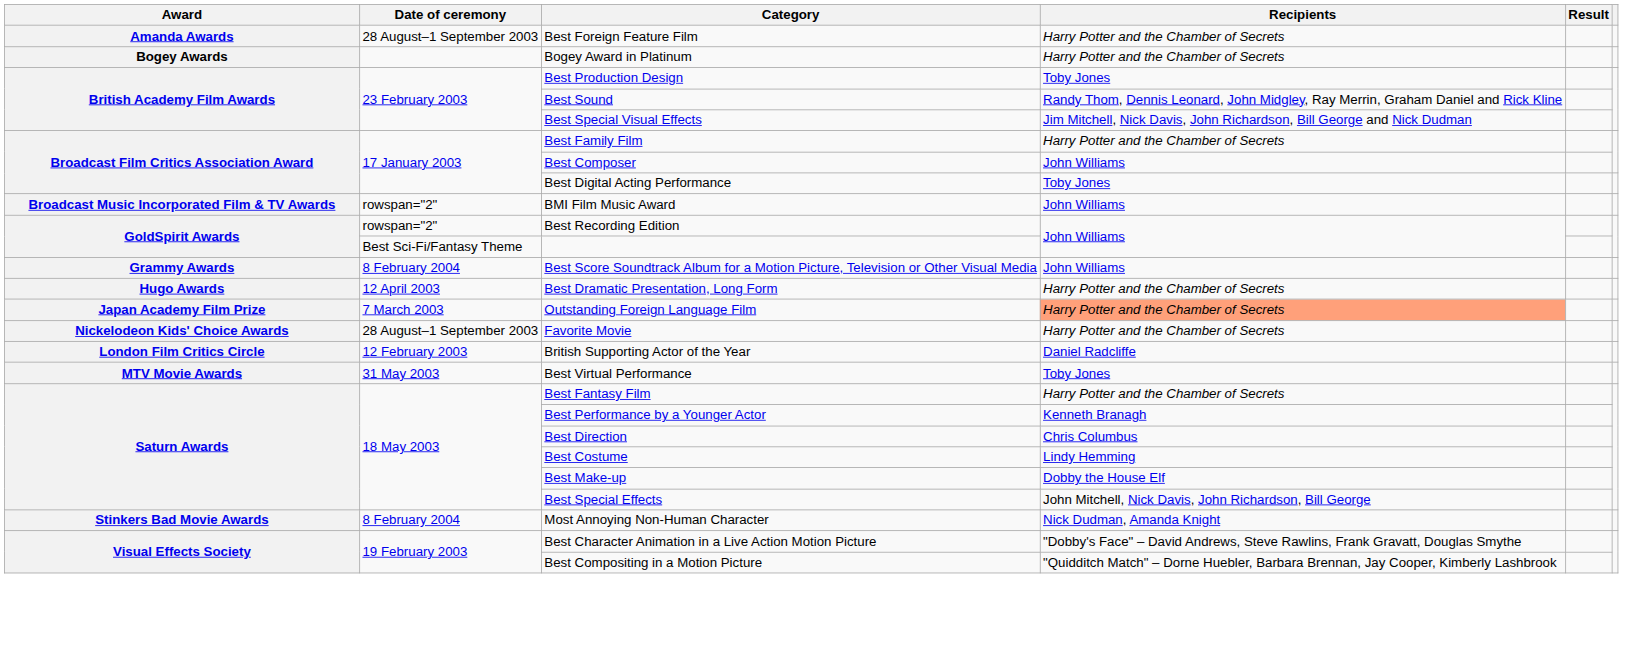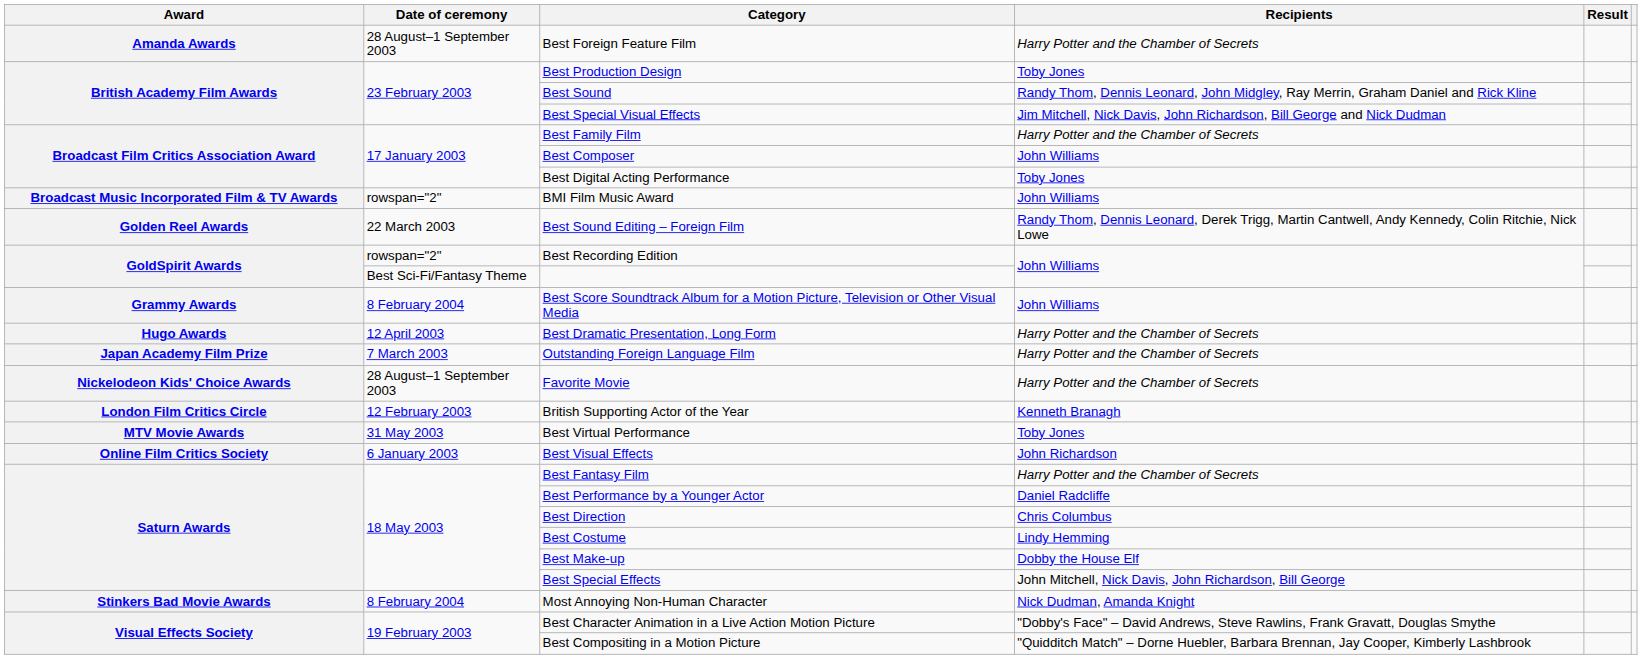 <table class="wikitable sortable plainrowheaders">
 <tr>
 <th scope="col" style="width:22%;">Award</th>
 <th scope="col">Date of ceremony</th>
 <th scope="col">Category</th>
 <th scope="col">Recipients</th>
 <th scope="col">Result</th>
 <th scope="col" class="unsortable"></th>
 </tr>
 <tr>
 <th scope="row" style="text-align:center;"><a href='#'>Amanda Awards</a></th>
 <td>28 August–1 September 2003</td>
 <td>Best Foreign Feature Film</td>
-<td><em>Harry Potter and the Chamber of Secrets</em></td>
-<td></td>
-<td style="text-align:center;"></td>
-</tr>
-<tr>
-<th scope="row" style="text-align:center;">Bogey Awards</th>
-<td></td>
-<td>Bogey Award in Platinum</td>
 <td><em>Harry Potter and the Chamber of Secrets</em></td>
 <td></td>
 <td style="text-align:center;"></td>
 </tr>
 <tr>
 <th scope="row" rowspan="3" style="text-align:center;"><a href='#'>British Academy Film Awards</a></th>
 <td rowspan="3"><a href='#'>23 February 2003</a></td>
 <td><a href='#'>Best Production Design</a></td>
 <td><a href='#'>Toby Jones</a></td>
 <td></td>
 <td rowspan="3" style="text-align:center;"></td>
 </tr>
 <tr>
 <td><a href='#'>Best Sound</a></td>
 <td><a href='#'>Randy Thom</a>, <a href='#'>Dennis Leonard</a>, <a href='#'>John Midgley</a>, Ray Merrin, Graham Daniel and <a href='#'>Rick Kline</a></td>
 <td></td>
 </tr>
 <tr>
 <td><a href='#'>Best Special Visual Effects</a></td>
 <td><a href='#'>Jim Mitchell</a>, <a href='#'>Nick Davis</a>, <a href='#'>John Richardson</a>, <a href='#'>Bill George</a> and <a href='#'>Nick Dudman</a></td>
 <td></td>
 </tr>
 <tr>
 <th scope="row" rowspan="3" style="text-align:center;"><a href='#'>Broadcast Film Critics Association Award</a></th>
 <td rowspan="3"><a href='#'>17 January 2003</a></td>
 <td><a href='#'>Best Family Film</a></td>
 <td><em>Harry Potter and the Chamber of Secrets</em></td>
 <td></td>
 <td rowspan="2" style="text-align:center;"></td>
 </tr>
 <tr>
 <td><a href='#'>Best Composer</a></td>
 <td><a href='#'>John Williams</a></td>
 <td></td>
 </tr>
 <tr>
 <td>Best Digital Acting Performance</td>
 <td><a href='#'>Toby Jones</a></td>
 <td></td>
 <td style="text-align:center;"></td>
 </tr>
 <tr>
 <th scope="row" style="text-align:center;"><a href='#'>Broadcast Music Incorporated Film & TV Awards</a></th>
 <td>rowspan="2" </td>
 <td>BMI Film Music Award</td>
 <td><a href='#'>John Williams</a></td>
 <td></td>
 <td style="text-align:center;"></td>
 </tr>
 <tr>
+<th scope="row" style="text-align:center;"><a href='#'>Golden Reel Awards</a></th>
+<td>22 March 2003</td>
+<td><a href='#'>Best Sound Editing – Foreign Film</a></td>
+<td><a href='#'>Randy Thom</a>, <a href='#'>Dennis Leonard</a>, Derek Trigg, Martin Cantwell, Andy Kennedy, Colin Ritchie, Nick Lowe</td>
+<td></td>
+<td style="text-align:center;"></td>
+</tr>
+<tr>
 <th scope="row" rowspan="2" style="text-align:center;"><a href='#'>GoldSpirit Awards</a></th>
 <td>rowspan="2" </td>
 <td>Best Recording Edition</td>
 <td rowspan="2"><a href='#'>John Williams</a></td>
 <td></td>
 <td rowspan="2" style="text-align:center;"></td>
 </tr>
 <tr>
 <td>Best Sci-Fi/Fantasy Theme</td>
 <td></td>
 </tr>
 <tr>
 <th scope="row" style="text-align:center;"><a href='#'>Grammy Awards</a></th>
 <td><a href='#'>8 February 2004</a></td>
 <td><a href='#'>Best Score Soundtrack Album for a Motion Picture, Television or Other Visual Media</a></td>
 <td><a href='#'>John Williams</a></td>
 <td></td>
 <td style="text-align:center;"></td>
 </tr>
 <tr>
 <th scope="row" style="text-align:center;"><a href='#'>Hugo Awards</a></th>
 <td><a href='#'>12 April 2003</a></td>
 <td><a href='#'>Best Dramatic Presentation, Long Form</a></td>
 <td><em>Harry Potter and the Chamber of Secrets</em></td>
 <td></td>
 <td style="text-align:center;"></td>
 </tr>
 <tr>
 <th scope="row" style="text-align:center;"><a href='#'>Japan Academy Film Prize</a></th>
 <td><a href='#'>7 March 2003</a></td>
 <td><a href='#'>Outstanding Foreign Language Film</a></td>
-<td style="background: lightsalmon;"><em>Harry Potter and the Chamber of Secrets</em></td>
+<td><em>Harry Potter and the Chamber of Secrets</em></td>
 <td></td>
 <td style="text-align:center;"></td>
 </tr>
 <tr>
 <th scope="row" style="text-align:center;"><a href='#'>Nickelodeon Kids' Choice Awards</a></th>
 <td>28 August–1 September 2003</td>
 <td><a href='#'>Favorite Movie</a></td>
 <td><em>Harry Potter and the Chamber of Secrets</em></td>
 <td></td>
 <td style="text-align:center;"></td>
 </tr>
 <tr>
 <th scope="row" style="text-align:center;"><a href='#'>London Film Critics Circle</a></th>
 <td><a href='#'>12 February 2003</a></td>
 <td>British Supporting Actor of the Year</td>
-<td><a href='#'>Daniel Radcliffe</a></td>
+<td><a href='#'>Kenneth Branagh</a></td>
 <td></td>
 <td style="text-align:center;"></td>
 </tr>
 <tr>
 <th scope="row" style="text-align:center;"><a href='#'>MTV Movie Awards</a></th>
 <td><a href='#'>31 May 2003</a></td>
 <td>Best Virtual Performance</td>
 <td><a href='#'>Toby Jones</a></td>
+<td></td>
+<td style="text-align:center;"></td>
+</tr>
+<tr>
+<th scope="row" style="text-align:center;"><a href='#'>Online Film Critics Society</a></th>
+<td><a href='#'>6 January 2003</a></td>
+<td><a href='#'>Best Visual Effects</a></td>
+<td><a href='#'>John Richardson</a></td>
 <td></td>
 <td style="text-align:center;"></td>
 </tr>
 <tr>
 <th scope="row" rowspan="6" style="text-align:center;"><a href='#'>Saturn Awards</a></th>
 <td rowspan="6"><a href='#'>18 May 2003</a></td>
 <td><a href='#'>Best Fantasy Film</a></td>
 <td><em>Harry Potter and the Chamber of Secrets</em></td>
 <td></td>
 <td rowspan="6" style="text-align:center;"></td>
 </tr>
 <tr>
 <td><a href='#'>Best Performance by a Younger Actor</a></td>
-<td><a href='#'>Kenneth Branagh</a></td>
+<td><a href='#'>Daniel Radcliffe</a></td>
 <td></td>
 </tr>
 <tr>
 <td><a href='#'>Best Direction</a></td>
 <td><a href='#'>Chris Columbus</a></td>
 <td></td>
 </tr>
 <tr>
 <td><a href='#'>Best Costume</a></td>
 <td><a href='#'>Lindy Hemming</a></td>
 <td></td>
 </tr>
 <tr>
 <td><a href='#'>Best Make-up</a></td>
 <td><a href='#'>Dobby the House Elf</a></td>
 <td></td>
 </tr>
 <tr>
 <td><a href='#'>Best Special Effects</a></td>
 <td>John Mitchell, <a href='#'>Nick Davis</a>, <a href='#'>John Richardson</a>, <a href='#'>Bill George</a></td>
 <td></td>
 </tr>
 <tr>
 <th scope="row" style="text-align:center;"><a href='#'>Stinkers Bad Movie Awards</a></th>
 <td><a href='#'>8 February 2004</a></td>
 <td>Most Annoying Non-Human Character</td>
 <td><a href='#'>Nick Dudman</a>, <a href='#'>Amanda Knight</a></td>
 <td></td>
 <td style="text-align:center;"></td>
 </tr>
 <tr>
 <th scope="row" rowspan="2" style="text-align:center;"><a href='#'>Visual Effects Society</a></th>
 <td rowspan="2"><a href='#'>19 February 2003</a></td>
 <td>Best Character Animation in a Live Action Motion Picture</td>
 <td>"Dobby's Face" – David Andrews, Steve Rawlins, Frank Gravatt, Douglas Smythe</td>
 <td></td>
 <td rowspan="2" style="text-align:center;"></td>
 </tr>
 <tr>
 <td>Best Compositing in a Motion Picture</td>
 <td>"Quidditch Match" – Dorne Huebler, Barbara Brennan, Jay Cooper, Kimberly Lashbrook</td>
 <td></td>
 </tr>
 </table>
